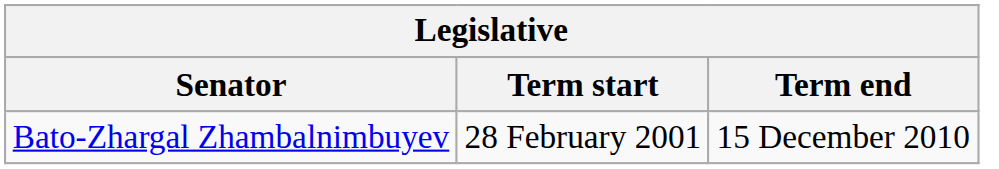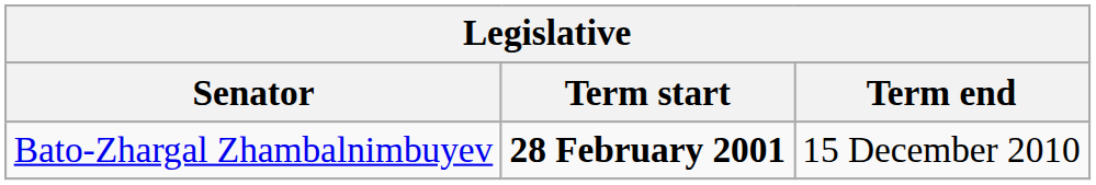 <table class="wikitable sortable">
 <tr>
 <th colspan=3>Legislative</th>
 </tr>
 <tr>
 <th>Senator</th>
 <th>Term start</th>
 <th>Term end</th>
 </tr>
 <tr>
 <td><a href='#'>Bato-Zhargal Zhambalnimbuyev</a></td>
-<td>28 February 2001</td>
+<td><strong>28 February 2001</strong></td>
 <td>15 December 2010</td>
 </tr>
 </table>
